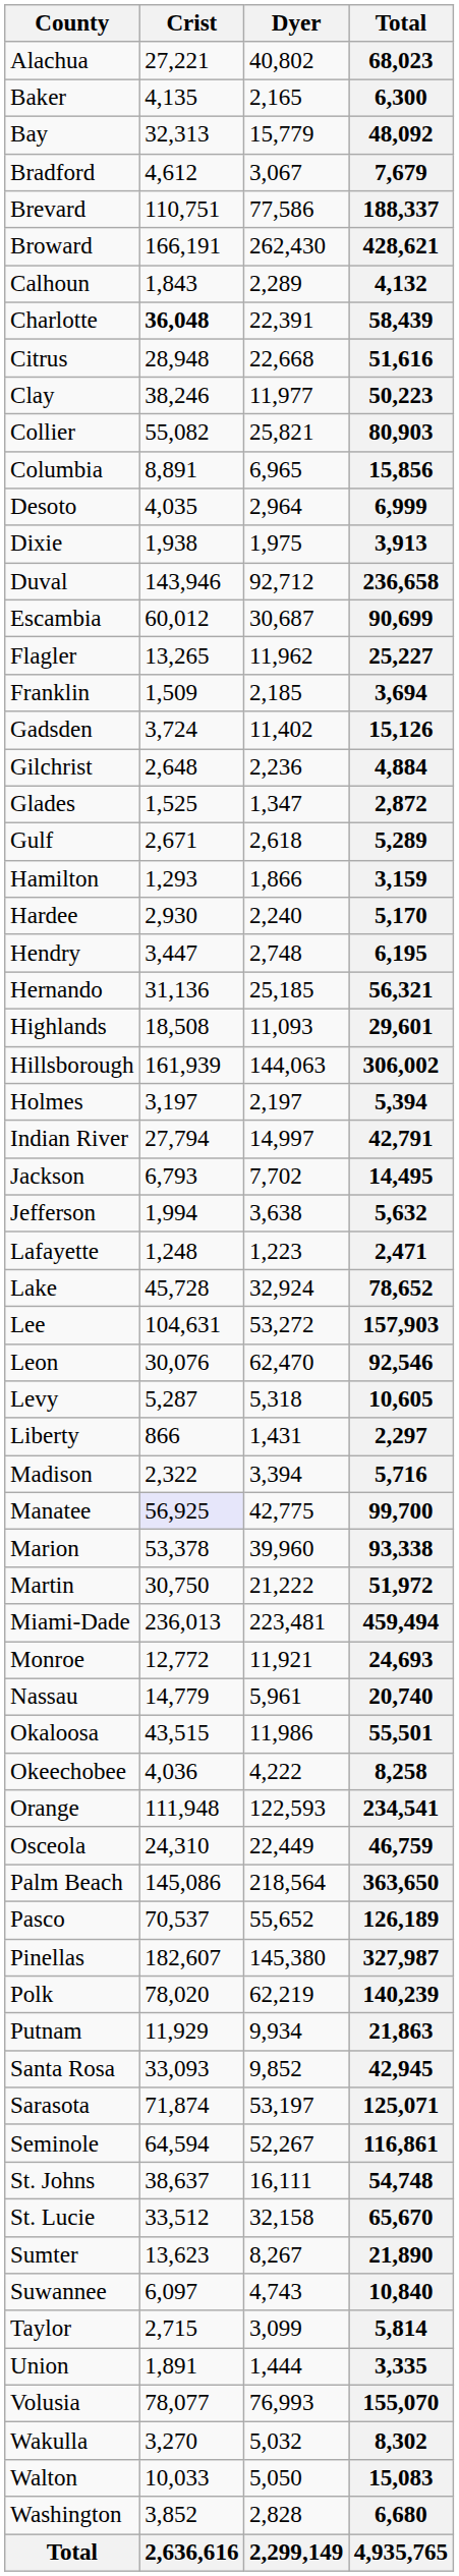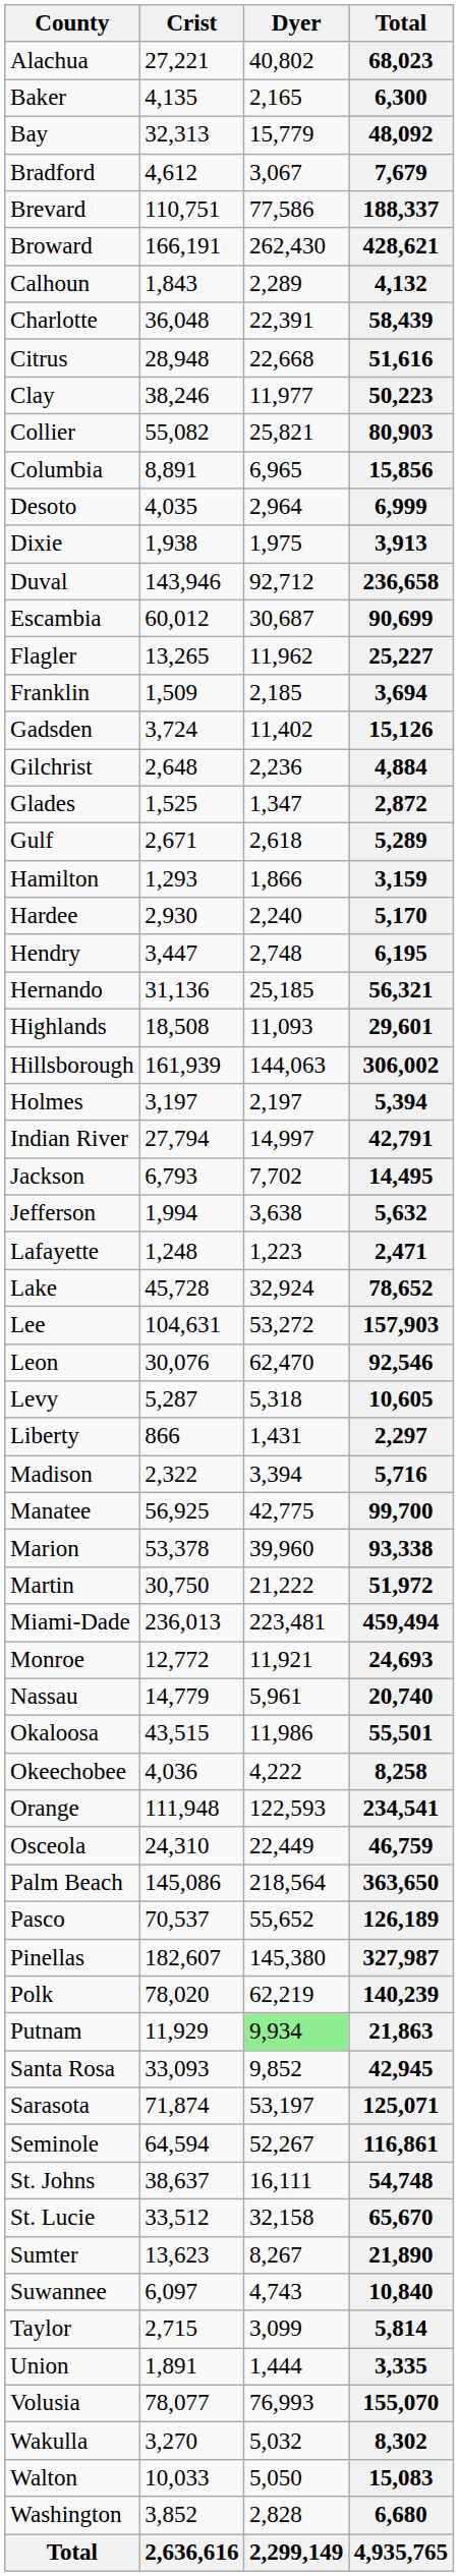 <table class="wikitable sortable">
 <tr>
 <th>County</th>
 <th>Crist</th>
 <th>Dyer</th>
 <th>Total</th>
 </tr>
 <tr>
 <td>Alachua</td>
 <td>27,221</td>
 <td>40,802</td>
 <th>68,023</th>
 </tr>
 <tr>
 <td>Baker</td>
 <td>4,135</td>
 <td>2,165</td>
 <th>6,300</th>
 </tr>
 <tr>
 <td>Bay</td>
 <td>32,313</td>
 <td>15,779</td>
 <th>48,092</th>
 </tr>
 <tr>
 <td>Bradford</td>
 <td>4,612</td>
 <td>3,067</td>
 <th>7,679</th>
 </tr>
 <tr>
 <td>Brevard</td>
 <td>110,751</td>
 <td>77,586</td>
 <th>188,337</th>
 </tr>
 <tr>
 <td>Broward</td>
 <td>166,191</td>
 <td>262,430</td>
 <th>428,621</th>
 </tr>
 <tr>
 <td>Calhoun</td>
 <td>1,843</td>
 <td>2,289</td>
 <th>4,132</th>
 </tr>
 <tr>
 <td>Charlotte</td>
-<td><strong>36,048</strong></td>
+<td>36,048</td>
 <td>22,391</td>
 <th>58,439</th>
 </tr>
 <tr>
 <td>Citrus</td>
 <td>28,948</td>
 <td>22,668</td>
 <th>51,616</th>
 </tr>
 <tr>
 <td>Clay</td>
 <td>38,246</td>
 <td>11,977</td>
 <th>50,223</th>
 </tr>
 <tr>
 <td>Collier</td>
 <td>55,082</td>
 <td>25,821</td>
 <th>80,903</th>
 </tr>
 <tr>
 <td>Columbia</td>
 <td>8,891</td>
 <td>6,965</td>
 <th>15,856</th>
 </tr>
 <tr>
 <td>Desoto</td>
 <td>4,035</td>
 <td>2,964</td>
 <th>6,999</th>
 </tr>
 <tr>
 <td>Dixie</td>
 <td>1,938</td>
 <td>1,975</td>
 <th>3,913</th>
 </tr>
 <tr>
 <td>Duval</td>
 <td>143,946</td>
 <td>92,712</td>
 <th>236,658</th>
 </tr>
 <tr>
 <td>Escambia</td>
 <td>60,012</td>
 <td>30,687</td>
 <th>90,699</th>
 </tr>
 <tr>
 <td>Flagler</td>
 <td>13,265</td>
 <td>11,962</td>
 <th>25,227</th>
 </tr>
 <tr>
 <td>Franklin</td>
 <td>1,509</td>
 <td>2,185</td>
 <th>3,694</th>
 </tr>
 <tr>
 <td>Gadsden</td>
 <td>3,724</td>
 <td>11,402</td>
 <th>15,126</th>
 </tr>
 <tr>
 <td>Gilchrist</td>
 <td>2,648</td>
 <td>2,236</td>
 <th>4,884</th>
 </tr>
 <tr>
 <td>Glades</td>
 <td>1,525</td>
 <td>1,347</td>
 <th>2,872</th>
 </tr>
 <tr>
 <td>Gulf</td>
 <td>2,671</td>
 <td>2,618</td>
 <th>5,289</th>
 </tr>
 <tr>
 <td>Hamilton</td>
 <td>1,293</td>
 <td>1,866</td>
 <th>3,159</th>
 </tr>
 <tr>
 <td>Hardee</td>
 <td>2,930</td>
 <td>2,240</td>
 <th>5,170</th>
 </tr>
 <tr>
 <td>Hendry</td>
 <td>3,447</td>
 <td>2,748</td>
 <th>6,195</th>
 </tr>
 <tr>
 <td>Hernando</td>
 <td>31,136</td>
 <td>25,185</td>
 <th>56,321</th>
 </tr>
 <tr>
 <td>Highlands</td>
 <td>18,508</td>
 <td>11,093</td>
 <th>29,601</th>
 </tr>
 <tr>
 <td>Hillsborough</td>
 <td>161,939</td>
 <td>144,063</td>
 <th>306,002</th>
 </tr>
 <tr>
 <td>Holmes</td>
 <td>3,197</td>
 <td>2,197</td>
 <th>5,394</th>
 </tr>
 <tr>
 <td>Indian River</td>
 <td>27,794</td>
 <td>14,997</td>
 <th>42,791</th>
 </tr>
 <tr>
 <td>Jackson</td>
 <td>6,793</td>
 <td>7,702</td>
 <th>14,495</th>
 </tr>
 <tr>
 <td>Jefferson</td>
 <td>1,994</td>
 <td>3,638</td>
 <th>5,632</th>
 </tr>
 <tr>
 <td>Lafayette</td>
 <td>1,248</td>
 <td>1,223</td>
 <th>2,471</th>
 </tr>
 <tr>
 <td>Lake</td>
 <td>45,728</td>
 <td>32,924</td>
 <th>78,652</th>
 </tr>
 <tr>
 <td>Lee</td>
 <td>104,631</td>
 <td>53,272</td>
 <th>157,903</th>
 </tr>
 <tr>
 <td>Leon</td>
 <td>30,076</td>
 <td>62,470</td>
 <th>92,546</th>
 </tr>
 <tr>
 <td>Levy</td>
 <td>5,287</td>
 <td>5,318</td>
 <th>10,605</th>
 </tr>
 <tr>
 <td>Liberty</td>
 <td>866</td>
 <td>1,431</td>
 <th>2,297</th>
 </tr>
 <tr>
 <td>Madison</td>
 <td>2,322</td>
 <td>3,394</td>
 <th>5,716</th>
 </tr>
 <tr>
 <td>Manatee</td>
-<td style="background: lavender;">56,925</td>
+<td>56,925</td>
 <td>42,775</td>
 <th>99,700</th>
 </tr>
 <tr>
 <td>Marion</td>
 <td>53,378</td>
 <td>39,960</td>
 <th>93,338</th>
 </tr>
 <tr>
 <td>Martin</td>
 <td>30,750</td>
 <td>21,222</td>
 <th>51,972</th>
 </tr>
 <tr>
 <td>Miami-Dade</td>
 <td>236,013</td>
 <td>223,481</td>
 <th>459,494</th>
 </tr>
 <tr>
 <td>Monroe</td>
 <td>12,772</td>
 <td>11,921</td>
 <th>24,693</th>
 </tr>
 <tr>
 <td>Nassau</td>
 <td>14,779</td>
 <td>5,961</td>
 <th>20,740</th>
 </tr>
 <tr>
 <td>Okaloosa</td>
 <td>43,515</td>
 <td>11,986</td>
 <th>55,501</th>
 </tr>
 <tr>
 <td>Okeechobee</td>
 <td>4,036</td>
 <td>4,222</td>
 <th>8,258</th>
 </tr>
 <tr>
 <td>Orange</td>
 <td>111,948</td>
 <td>122,593</td>
 <th>234,541</th>
 </tr>
 <tr>
 <td>Osceola</td>
 <td>24,310</td>
 <td>22,449</td>
 <th>46,759</th>
 </tr>
 <tr>
 <td>Palm Beach</td>
 <td>145,086</td>
 <td>218,564</td>
 <th>363,650</th>
 </tr>
 <tr>
 <td>Pasco</td>
 <td>70,537</td>
 <td>55,652</td>
 <th>126,189</th>
 </tr>
 <tr>
 <td>Pinellas</td>
 <td>182,607</td>
 <td>145,380</td>
 <th>327,987</th>
 </tr>
 <tr>
 <td>Polk</td>
 <td>78,020</td>
 <td>62,219</td>
 <th>140,239</th>
 </tr>
 <tr>
 <td>Putnam</td>
 <td>11,929</td>
-<td>9,934</td>
+<td style="background: lightgreen;">9,934</td>
 <th>21,863</th>
 </tr>
 <tr>
 <td>Santa Rosa</td>
 <td>33,093</td>
 <td>9,852</td>
 <th>42,945</th>
 </tr>
 <tr>
 <td>Sarasota</td>
 <td>71,874</td>
 <td>53,197</td>
 <th>125,071</th>
 </tr>
 <tr>
 <td>Seminole</td>
 <td>64,594</td>
 <td>52,267</td>
 <th>116,861</th>
 </tr>
 <tr>
 <td>St. Johns</td>
 <td>38,637</td>
 <td>16,111</td>
 <th>54,748</th>
 </tr>
 <tr>
 <td>St. Lucie</td>
 <td>33,512</td>
 <td>32,158</td>
 <th>65,670</th>
 </tr>
 <tr>
 <td>Sumter</td>
 <td>13,623</td>
 <td>8,267</td>
 <th>21,890</th>
 </tr>
 <tr>
 <td>Suwannee</td>
 <td>6,097</td>
 <td>4,743</td>
 <th>10,840</th>
 </tr>
 <tr>
 <td>Taylor</td>
 <td>2,715</td>
 <td>3,099</td>
 <th>5,814</th>
 </tr>
 <tr>
 <td>Union</td>
 <td>1,891</td>
 <td>1,444</td>
 <th>3,335</th>
 </tr>
 <tr>
 <td>Volusia</td>
 <td>78,077</td>
 <td>76,993</td>
 <th>155,070</th>
 </tr>
 <tr>
 <td>Wakulla</td>
 <td>3,270</td>
 <td>5,032</td>
 <th>8,302</th>
 </tr>
 <tr>
 <td>Walton</td>
 <td>10,033</td>
 <td>5,050</td>
 <th>15,083</th>
 </tr>
 <tr>
 <td>Washington</td>
 <td>3,852</td>
 <td>2,828</td>
 <th>6,680</th>
 </tr>
 <tr>
 <th>Total</th>
 <th>2,636,616</th>
 <th>2,299,149</th>
 <th>4,935,765</th>
 </tr>
 </table>
